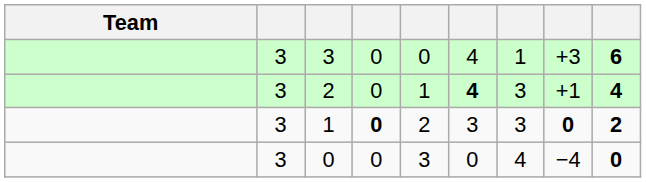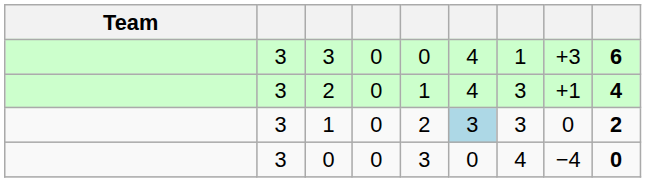 <table class="wikitable" style="text-align: center; font-size:90% ">
 <tr>
 <th width=160>Team</th>
 <th width=25></th>
 <th width=25></th>
 <th width=25></th>
 <th width=25></th>
 <th width=25></th>
 <th width=25></th>
 <th width=25></th>
 <th width=25></th>
 </tr>
 <tr bgcolor="ccffcc">
 <td align=left></td>
 <td>3</td>
 <td>3</td>
 <td>0</td>
 <td>0</td>
 <td>4</td>
 <td>1</td>
 <td>+3</td>
 <td><strong>6</strong></td>
 </tr>
 <tr bgcolor="ccffcc">
 <td align=left></td>
 <td>3</td>
 <td>2</td>
 <td>0</td>
 <td>1</td>
-<td><strong>4</strong></td>
+<td>4</td>
 <td>3</td>
 <td>+1</td>
 <td><strong>4</strong></td>
 </tr>
 <tr>
 <td align=left></td>
 <td>3</td>
 <td>1</td>
-<td><strong>0</strong></td>
+<td>0</td>
 <td>2</td>
+<td style="background: lightblue;">3</td>
 <td>3</td>
-<td>3</td>
-<td><strong>0</strong></td>
+<td>0</td>
 <td><strong>2</strong></td>
 </tr>
 <tr>
 <td align=left></td>
 <td>3</td>
 <td>0</td>
 <td>0</td>
 <td>3</td>
 <td>0</td>
 <td>4</td>
 <td>−4</td>
 <td><strong>0</strong></td>
 </tr>
 </table>
